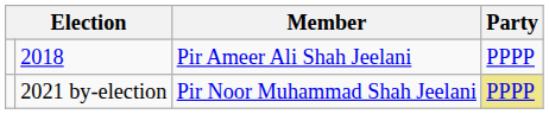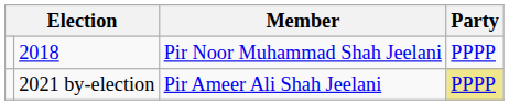 <table class="wikitable">
 <tr>
 <th colspan="2">Election</th>
 <th>Member</th>
 <th>Party</th>
 </tr>
 <tr>
 <td style="background-color: "></td>
 <td><a href='#'>2018</a></td>
-<td><a href='#'>Pir Ameer Ali Shah Jeelani</a></td>
+<td><a href='#'>Pir Noor Muhammad Shah Jeelani</a></td>
 <td><a href='#'>PPPP</a></td>
 </tr>
 <tr>
 <td style="background-color: "></td>
 <td>2021 by-election</td>
-<td><a href='#'>Pir Noor Muhammad Shah Jeelani</a></td>
+<td><a href='#'>Pir Ameer Ali Shah Jeelani</a></td>
 <td style="background: khaki;"><a href='#'>PPPP</a></td>
 </tr>
 </table>
